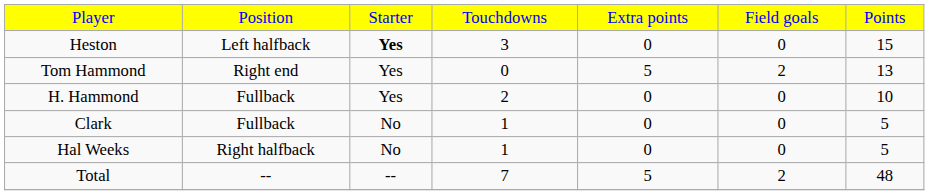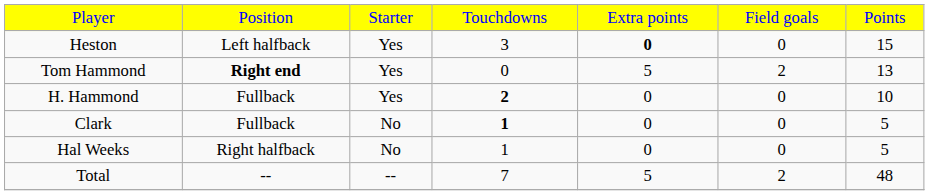 <table class="wikitable" width="70%">
 <tr align="center"  style="background:yellow;color:blue;">
 <td>Player</td>
 <td>Position</td>
 <td>Starter</td>
 <td>Touchdowns</td>
 <td>Extra points</td>
 <td>Field goals</td>
 <td>Points</td>
 </tr>
 <tr align="center" bgcolor="">
 <td>Heston</td>
 <td>Left halfback</td>
-<td><strong>Yes</strong></td>
+<td>Yes</td>
 <td>3</td>
-<td>0</td>
+<td><strong>0</strong></td>
 <td>0</td>
 <td>15</td>
 </tr>
 <tr align="center" bgcolor="">
 <td>Tom Hammond</td>
-<td>Right end</td>
+<td><strong>Right end</strong></td>
 <td>Yes</td>
 <td>0</td>
 <td>5</td>
 <td>2</td>
 <td>13</td>
 </tr>
 <tr align="center" bgcolor="">
 <td>H. Hammond</td>
 <td>Fullback</td>
 <td>Yes</td>
-<td>2</td>
+<td><strong>2</strong></td>
 <td>0</td>
 <td>0</td>
 <td>10</td>
 </tr>
 <tr align="center" bgcolor="">
 <td>Clark</td>
 <td>Fullback</td>
 <td>No</td>
-<td>1</td>
+<td><strong>1</strong></td>
 <td>0</td>
 <td>0</td>
 <td>5</td>
 </tr>
 <tr align="center" bgcolor="">
 <td>Hal Weeks</td>
 <td>Right halfback</td>
 <td>No</td>
 <td>1</td>
 <td>0</td>
 <td>0</td>
 <td>5</td>
 </tr>
 <tr align="center" bgcolor="">
 <td>Total</td>
 <td>--</td>
 <td>--</td>
 <td>7</td>
 <td>5</td>
 <td>2</td>
 <td>48</td>
 </tr>
 <tr align="center" bgcolor="">
 </tr>
 </table>
